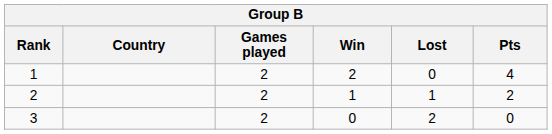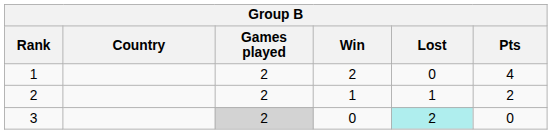 <table class="wikitable" style="text-align: center; Width:50%">
 <tr>
 <th colspan="6">Group B</th>
 </tr>
 <tr>
 <th width="2%">Rank</th>
 <th width="10%">Country</th>
 <th width="5%">Games <br> played</th>
 <th width="5%">Win</th>
 <th width="5%">Lost</th>
 <th width="5%">Pts</th>
 </tr>
 <tr>
 <td>1</td>
 <td style="text-align: left"></td>
 <td>2</td>
 <td>2</td>
 <td>0</td>
 <td>4</td>
 </tr>
 <tr>
 <td>2</td>
 <td style="text-align: left"></td>
 <td>2</td>
 <td>1</td>
 <td>1</td>
 <td>2</td>
 </tr>
 <tr>
 <td>3</td>
 <td style="text-align: left"></td>
-<td>2</td>
+<td style="background: lightgrey;">2</td>
 <td>0</td>
-<td>2</td>
+<td style="background: paleturquoise;">2</td>
 <td>0</td>
 </tr>
 </table>
